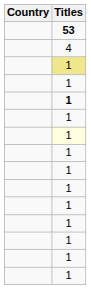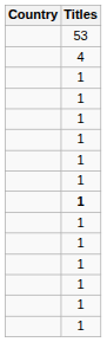 <table class="wikitable">
 <tr>
 <th>Country</th>
 <th>Titles</th>
 </tr>
 <tr>
 <td></td>
-<td style="text-align:center;"><strong>53</strong></td>
+<td style="text-align:center;">53</td>
 </tr>
 <tr>
 <td></td>
 <td style="text-align:center;">4</td>
-</tr>
-<tr>
-<td></td>
-<td style="background: khaki; text-align:center;">1</td>
-</tr>
-<tr>
-<td></td>
-<td style="text-align:center;">1</td>
-</tr>
-<tr>
-<td></td>
-<td style="text-align:center;"><strong>1</strong></td>
-</tr>
-<tr>
-<td></td>
-<td style="text-align:center;">1</td>
-</tr>
-<tr>
-<td></td>
-<td style="background: lightyellow; text-align:center;">1</td>
 </tr>
 <tr>
 <td></td>
 <td style="text-align:center;">1</td>
 </tr>
 <tr>
 <td></td>
 <td style="text-align:center;">1</td>
 </tr>
 <tr>
 <td></td>
 <td style="text-align:center;">1</td>
 </tr>
 <tr>
 <td></td>
 <td style="text-align:center;">1</td>
 </tr>
 <tr>
 <td></td>
 <td style="text-align:center;">1</td>
 </tr>
 <tr>
 <td></td>
 <td style="text-align:center;">1</td>
 </tr>
 <tr>
 <td></td>
+<td style="text-align:center;"><strong>1</strong></td>
+</tr>
+<tr>
+<td></td>
+<td style="text-align:center;">1</td>
+</tr>
+<tr>
+<td></td>
+<td style="text-align:center;">1</td>
+</tr>
+<tr>
+<td></td>
+<td style="text-align:center;">1</td>
+</tr>
+<tr>
+<td></td>
+<td style="text-align:center;">1</td>
+</tr>
+<tr>
+<td></td>
 <td style="text-align:center;">1</td>
 </tr>
 <tr>
 <td></td>
 <td style="text-align:center;">1</td>
 </tr>
 </table>
